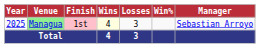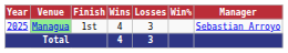 <table class="wikitable sortable plainrowheaders" style="text-align:center;">
 <tr>
 <th scope="col" style="background-color:#BB2D38; color:#ffffff;">Year</th>
 <th scope="col" style="background-color:#BB2D38; color:#ffffff;">Venue</th>
 <th scope="col" style="background-color:#BB2D38; color:#ffffff;">Finish</th>
 <th scope="col" style="background-color:#BB2D38; color:#ffffff;">Wins</th>
 <th scope="col" style="background-color:#BB2D38; color:#ffffff;">Losses</th>
 <th scope="col" style="background-color:#BB2D38; color:#ffffff;">Win%</th>
 <th scope="col" style="background-color:#BB2D38; color:#ffffff;">Manager</th>
 </tr>
 <tr>
 <td><a href='#'>2025</a></td>
 <td align=left style="background: lightgreen;"> <a href='#'>Managua</a></td>
-<td style="background: pink;">1st</td>
-<td style="background: lightyellow;">4</td>
+<td>1st</td>
+<td>4</td>
 <td>3</td>
 <td></td>
 <td align=left> <a href='#'>Sebastian Arroyo</a></td>
 </tr>
 <tr style="text-align:center; background-color:#2F3685; color:#ffffff;">
 <td colspan="3"><strong>Total</strong></td>
 <td><strong>4</strong></td>
 <td><strong>3</strong></td>
 <td><strong></strong></td>
 <td></td>
 </tr>
 </table>
